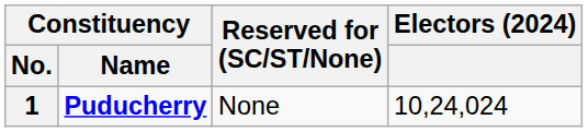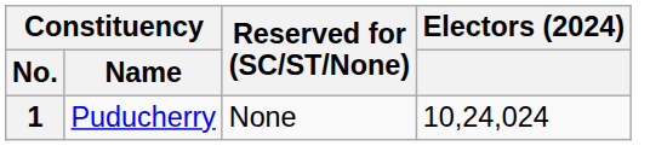 <table class="wikitable sortable">
 <tr>
 <th scope=colgroup colspan="2">Constituency</th>
 <th scope=col rowspan=2>Reserved for<br>(SC/ST/None)</th>
 <th>Electors (2024)</th>
 </tr>
 <tr>
 <th scope=col>No.</th>
 <th scope=col>Name</th>
 <th></th>
 </tr>
 <tr>
 <th scope=row>1</th>
-<td><strong><a href='#'>Puducherry</a></strong></td>
+<td><a href='#'>Puducherry</a></td>
 <td>None</td>
 <td>10,24,024</td>
 </tr>
 </table>
